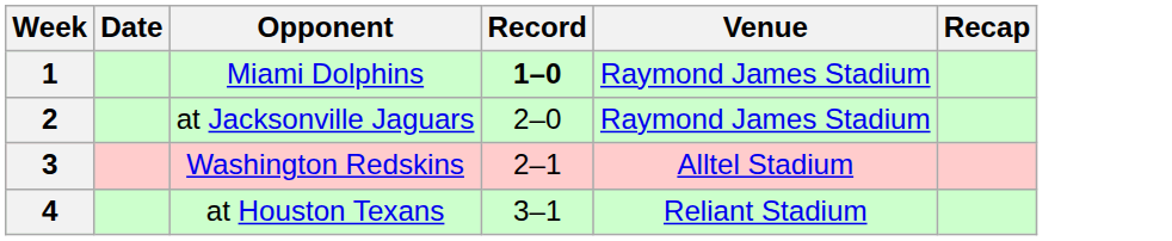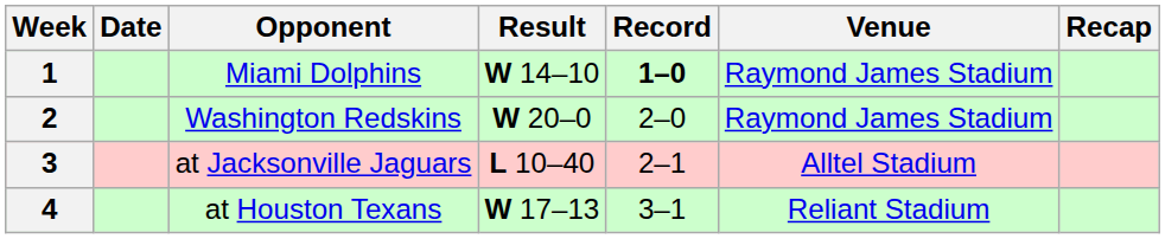 <table class="wikitable" style="text-align:center">
 <tr>
 <th>Week</th>
 <th>Date</th>
 <th>Opponent</th>
+<th>Result</th>
 <th>Record</th>
 <th>Venue</th>
 <th>Recap</th>
 </tr>
 <tr bgcolor="#cfc">
 <th>1</th>
 <td></td>
 <td><a href='#'>Miami Dolphins</a></td>
+<td><strong>W</strong> 14–10</td>
 <td><strong>1–0</strong></td>
 <td><a href='#'>Raymond James Stadium</a></td>
 <td></td>
 </tr>
 <tr bgcolor="#cfc">
 <th>2</th>
 <td></td>
-<td>at <a href='#'>Jacksonville Jaguars</a></td>
+<td><a href='#'>Washington Redskins</a></td>
+<td><strong>W</strong> 20–0</td>
 <td>2–0</td>
 <td><a href='#'>Raymond James Stadium</a></td>
 <td></td>
 </tr>
 <tr bgcolor="#fcc">
 <th>3</th>
 <td></td>
-<td><a href='#'>Washington Redskins</a></td>
+<td>at <a href='#'>Jacksonville Jaguars</a></td>
+<td><strong>L</strong> 10–40</td>
 <td>2–1</td>
 <td><a href='#'>Alltel Stadium</a></td>
 <td></td>
 </tr>
 <tr bgcolor="#cfc">
 <th>4</th>
 <td></td>
 <td>at <a href='#'>Houston Texans</a></td>
+<td><strong>W</strong> 17–13</td>
 <td>3–1</td>
 <td><a href='#'>Reliant Stadium</a></td>
 <td></td>
 </tr>
 </table>
